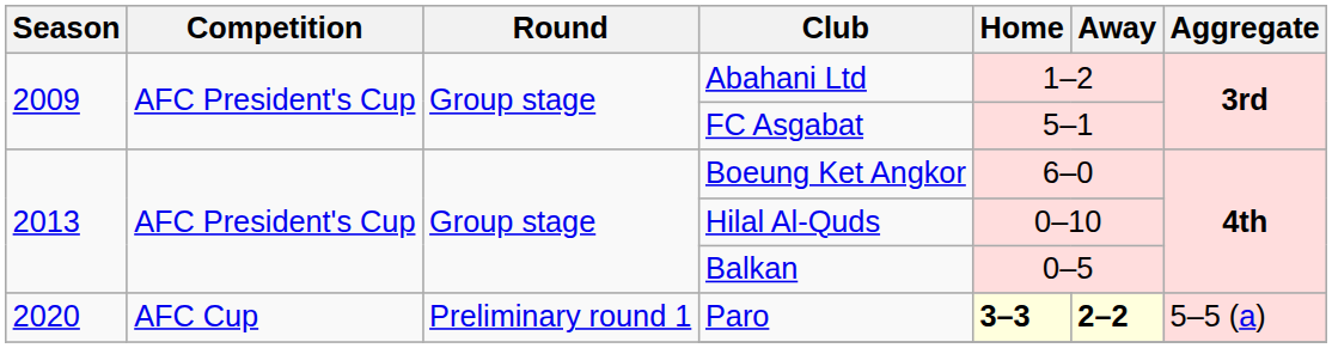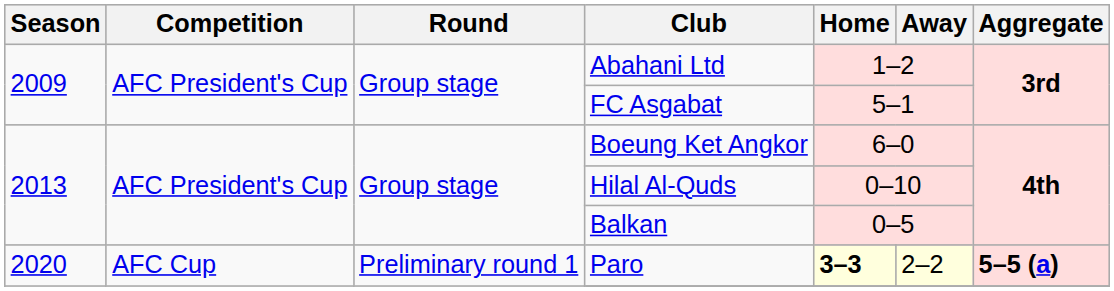 <table class="wikitable">
 <tr>
 <th>Season</th>
 <th>Competition</th>
 <th>Round</th>
 <th>Club</th>
 <th>Home</th>
 <th>Away</th>
 <th>Aggregate</th>
 </tr>
 <tr>
 <td rowspan="2"><a href='#'>2009</a></td>
 <td rowspan="2"><a href='#'>AFC President's Cup</a></td>
 <td rowspan="2"><a href='#'>Group stage</a></td>
 <td> <a href='#'>Abahani Ltd</a></td>
 <td bgcolor="#ffdddd" colspan="2"; style="text-align:center;">1–2</td>
 <td bgcolor="#ffdddd" rowspan="2" align="center"><strong>3rd</strong></td>
 </tr>
 <tr>
 <td> <a href='#'>FC Asgabat</a></td>
 <td bgcolor="#ffdddd" colspan="2"; style="text-align:center;">5–1</td>
 </tr>
 <tr>
 <td rowspan="3"><a href='#'>2013</a></td>
 <td rowspan="3"><a href='#'>AFC President's Cup</a></td>
 <td rowspan="3"><a href='#'>Group stage</a></td>
 <td> <a href='#'>Boeung Ket Angkor</a></td>
 <td bgcolor="#ffdddd" colspan="2"; style="text-align:center;">6–0</td>
 <td bgcolor="#ffdddd" rowspan="3" align="center"><strong>4th</strong></td>
 </tr>
 <tr>
 <td> <a href='#'>Hilal Al-Quds</a></td>
 <td bgcolor="#ffdddd" colspan="2"; style="text-align:center;">0–10</td>
 </tr>
 <tr>
 <td> <a href='#'>Balkan</a></td>
 <td bgcolor="#ffdddd" colspan="2"; style="text-align:center;">0–5</td>
 </tr>
 <tr>
 <td rowspan="2"><a href='#'>2020</a></td>
 <td rowspan="2"><a href='#'>AFC Cup</a></td>
 <td rowspan="2"><a href='#'>Preliminary round 1</a></td>
 <td> <a href='#'>Paro</a></td>
 <td style="background:#ffd;"><strong>3–3</strong></td>
-<td style="background:#ffd;"><strong>2–2</strong></td>
-<td style="background:#fdd;">5–5 (<a href='#'>a</a>)</td>
+<td style="background:#ffd;">2–2</td>
+<td style="background:#fdd;"><strong>5–5 (<a href='#'>a</a>)</strong></td>
 </tr>
 <tr>
 </tr>
 </table>
